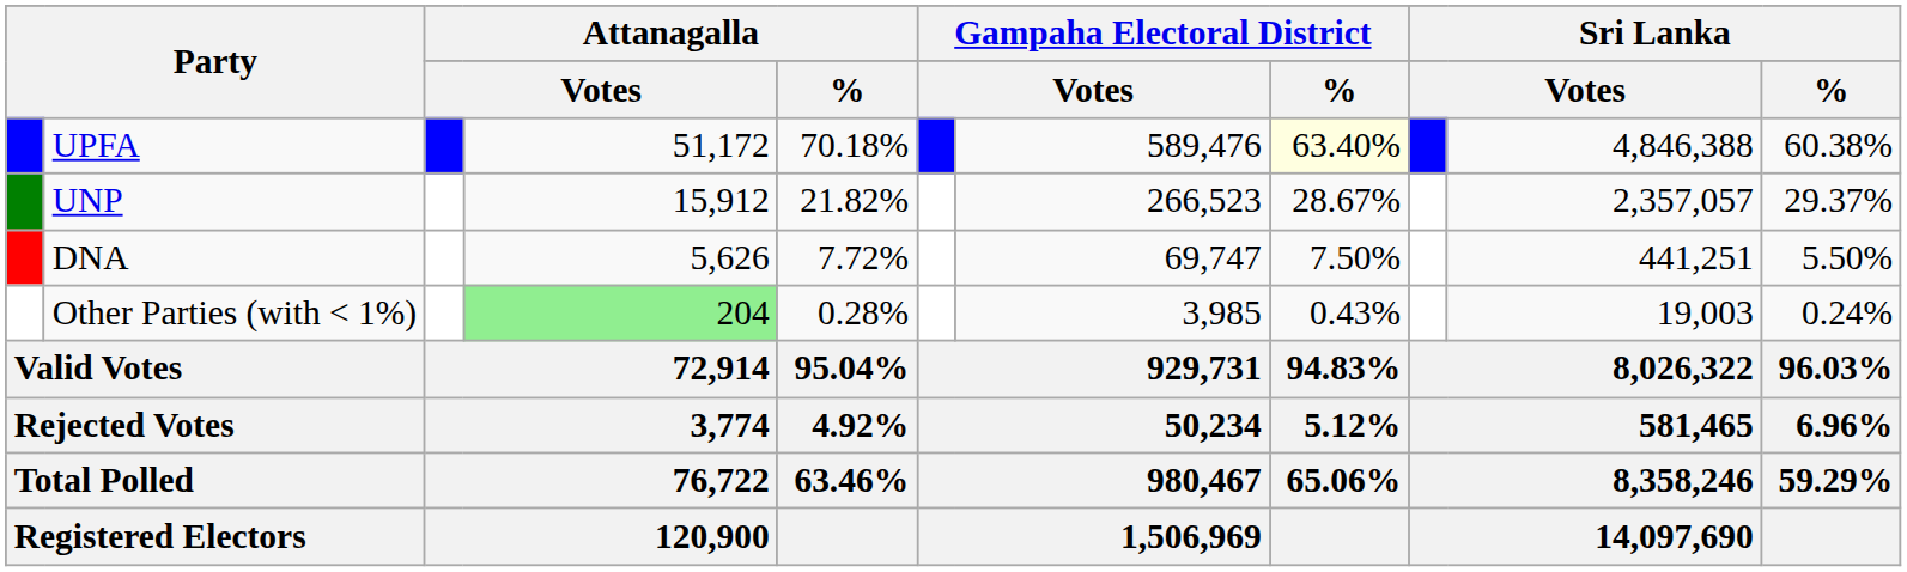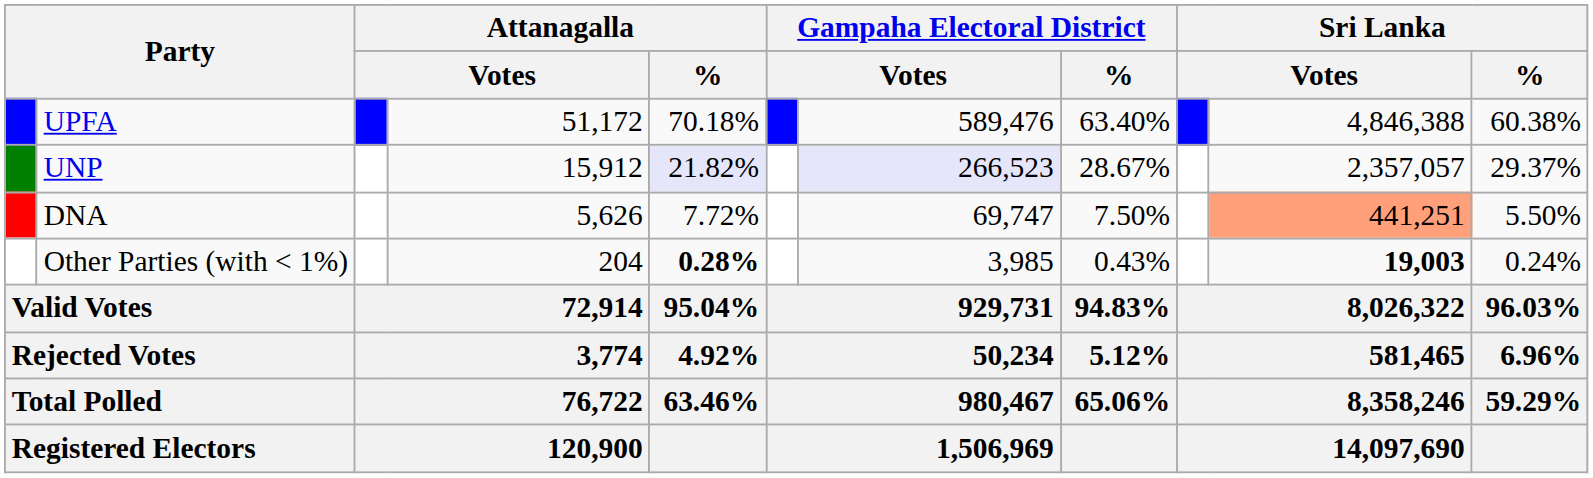 <table class="wikitable">
 <tr>
 <th colspan="2" width="144px"rowspan="2">Party</th>
 <th colspan="3" width="216px">Attanagalla</th>
 <th colspan="3" width="216px"><a href='#'>Gampaha Electoral District</a></th>
 <th colspan="3" width="216px">Sri Lanka</th>
 </tr>
 <tr>
 <th colspan="2" width="144px">Votes</th>
 <th>%</th>
 <th colspan="2" width="144px">Votes</th>
 <th>%</th>
 <th colspan="2" width="144px">Votes</th>
 <th>%</th>
 </tr>
 <tr>
 <td style="background-color:blue;" width="10px"></td>
 <td style="text-align:left;"><a href='#'>UPFA</a></td>
 <td style="background-color:blue;" width="10px"></td>
 <td style="text-align:right;">51,172</td>
 <td style="text-align:right;">70.18%</td>
 <td style="background-color:blue;" width="10px"></td>
 <td style="text-align:right;">589,476</td>
-<td style="background: lightyellow; text-align:right;">63.40%</td>
+<td style="text-align:right;">63.40%</td>
 <td style="background-color:blue;" width="10px"></td>
 <td style="text-align:right;">4,846,388</td>
 <td style="text-align:right;">60.38%</td>
 </tr>
 <tr>
 <td style="background-color:green;" width="10px"></td>
 <td style="text-align:left;"><a href='#'>UNP</a></td>
 <td style="background-color:white;" width="10px"></td>
 <td style="text-align:right;">15,912</td>
-<td style="text-align:right;">21.82%</td>
+<td style="background: lavender; text-align:right;">21.82%</td>
 <td style="background-color:white;" width="10px"></td>
-<td style="text-align:right;">266,523</td>
+<td style="background: lavender; text-align:right;">266,523</td>
 <td style="text-align:right;">28.67%</td>
 <td style="background-color:white;" width="10px"></td>
 <td style="text-align:right;">2,357,057</td>
 <td style="text-align:right;">29.37%</td>
 </tr>
 <tr>
 <td style="background-color:red;" width="10px"></td>
 <td style="text-align:left;">DNA</td>
 <td style="background-color:white;" width="10px"></td>
 <td style="text-align:right;">5,626</td>
 <td style="text-align:right;">7.72%</td>
 <td style="background-color:white;" width="10px"></td>
 <td style="text-align:right;">69,747</td>
 <td style="text-align:right;">7.50%</td>
 <td style="background-color:white;" width="10px"></td>
-<td style="text-align:right;">441,251</td>
+<td style="background: lightsalmon; text-align:right;">441,251</td>
 <td style="text-align:right;">5.50%</td>
 </tr>
 <tr>
 <td style="background-color:white;" width="10px"></td>
 <td style="text-align:left;">Other Parties (with < 1%)</td>
 <td style="background-color:white;" width="10px"></td>
-<td style="background: lightgreen; text-align:right;">204</td>
-<td style="text-align:right;">0.28%</td>
+<td style="text-align:right;">204</td>
+<td style="text-align:right;"><strong>0.28%</strong></td>
 <td style="background-color:white;" width="10px"></td>
 <td style="text-align:right;">3,985</td>
 <td style="text-align:right;">0.43%</td>
 <td style="background-color:white;" width="10px"></td>
-<td style="text-align:right;">19,003</td>
+<td style="text-align:right;"><strong>19,003</strong></td>
 <td style="text-align:right;">0.24%</td>
 </tr>
 <tr>
 <th colspan="2" width="144px"style="text-align:left;">Valid Votes</th>
 <th style="text-align:right;"colspan="2" width="144px">72,914</th>
 <th style="text-align:right;">95.04%</th>
 <th style="text-align:right;"colspan="2" width="144px">929,731</th>
 <th style="text-align:right;">94.83%</th>
 <th style="text-align:right;"colspan="2" width="144px">8,026,322</th>
 <th style="text-align:right;">96.03%</th>
 </tr>
 <tr>
 <th colspan="2" width="144px"style="text-align:left;">Rejected Votes</th>
 <th style="text-align:right;"colspan="2" width="144px">3,774</th>
 <th style="text-align:right;">4.92%</th>
 <th style="text-align:right;"colspan="2" width="144px">50,234</th>
 <th style="text-align:right;">5.12%</th>
 <th style="text-align:right;"colspan="2" width="144px">581,465</th>
 <th style="text-align:right;">6.96%</th>
 </tr>
 <tr>
 <th colspan="2" width="144px"style="text-align:left;">Total Polled</th>
 <th style="text-align:right;"colspan="2" width="144px">76,722</th>
 <th style="text-align:right;">63.46%</th>
 <th style="text-align:right;"colspan="2" width="144px">980,467</th>
 <th style="text-align:right;">65.06%</th>
 <th style="text-align:right;"colspan="2" width="144px">8,358,246</th>
 <th style="text-align:right;">59.29%</th>
 </tr>
 <tr>
 <th colspan="2" width="144px"style="text-align:left;">Registered Electors</th>
 <th style="text-align:right;"colspan="2" width="144px">120,900</th>
 <th></th>
 <th style="text-align:right;"colspan="2" width="144px">1,506,969</th>
 <th></th>
 <th style="text-align:right;"colspan="2" width="144px">14,097,690</th>
 <th></th>
 </tr>
 </table>
